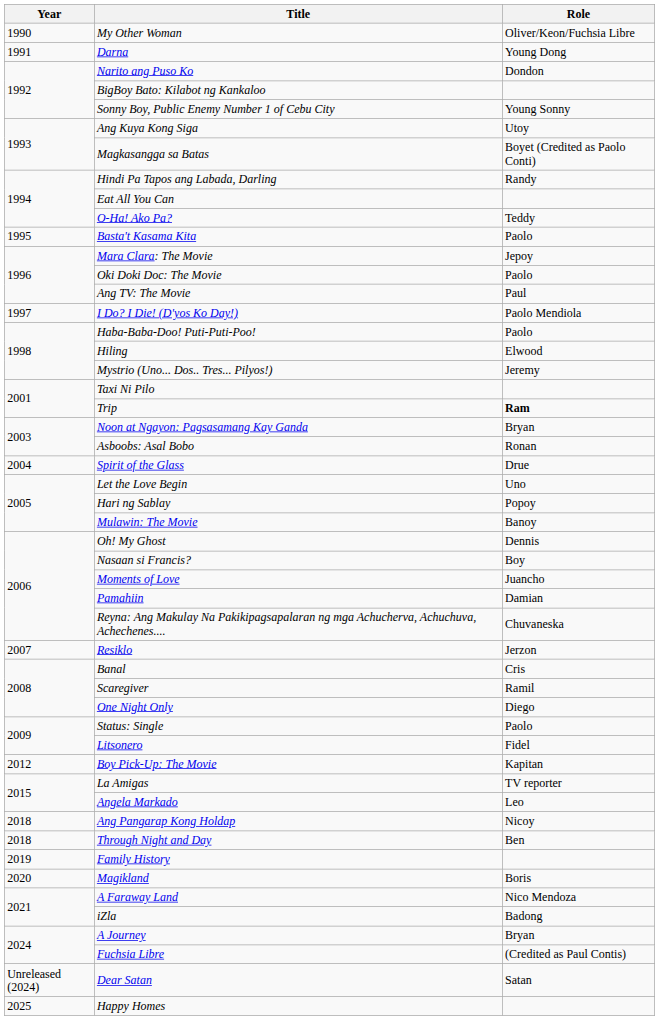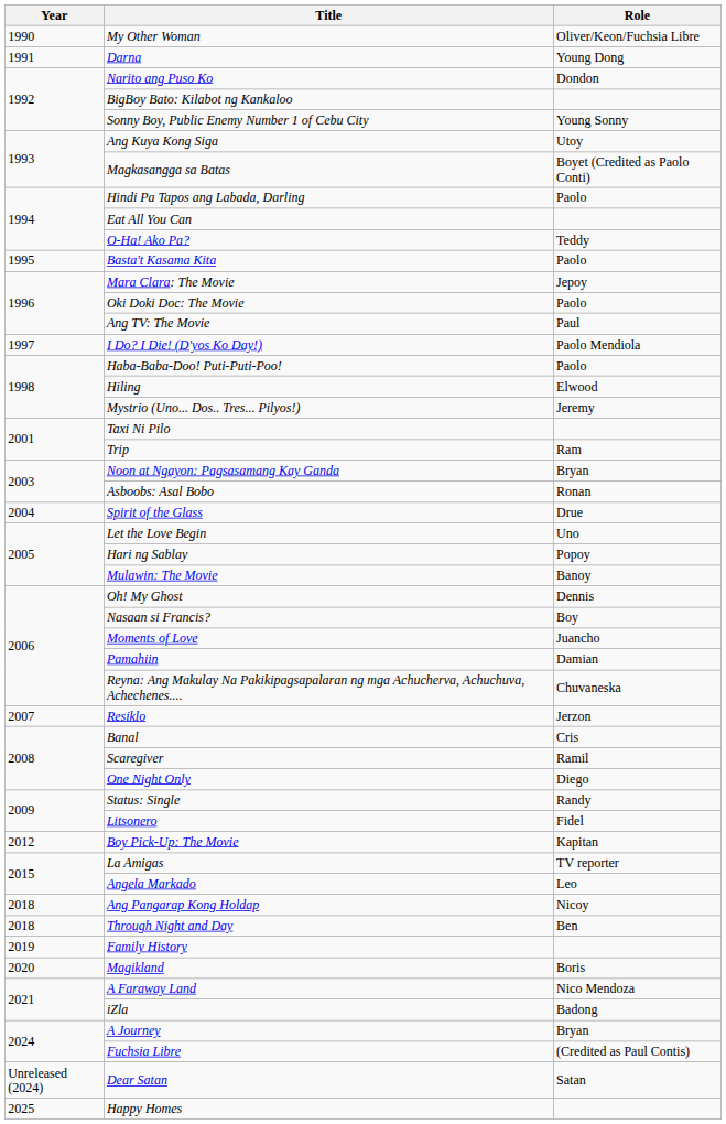 <table class="wikitable sortable">
 <tr>
 <th>Year</th>
 <th>Title</th>
 <th>Role</th>
 </tr>
 <tr>
 <td>1990</td>
 <td><em>My Other Woman</em></td>
 <td>Oliver/Keon/Fuchsia Libre</td>
 </tr>
 <tr>
 <td>1991</td>
 <td><em><a href='#'>Darna</a></em></td>
 <td>Young Dong</td>
 </tr>
 <tr>
 <td rowspan="3">1992</td>
 <td><em><a href='#'>Narito ang Puso Ko</a></em></td>
 <td>Dondon</td>
 </tr>
 <tr>
 <td><em>BigBoy Bato: Kilabot ng Kankaloo</em></td>
 <td></td>
 </tr>
 <tr>
 <td><em>Sonny Boy, Public Enemy Number 1 of Cebu City</em></td>
 <td>Young Sonny</td>
 </tr>
 <tr>
 <td rowspan="2">1993</td>
 <td><em>Ang Kuya Kong Siga</em></td>
 <td>Utoy</td>
 </tr>
 <tr>
 <td><em>Magkasangga sa Batas</em></td>
 <td>Boyet (Credited as Paolo Conti)</td>
 </tr>
 <tr>
 <td rowspan="3">1994</td>
 <td><em>Hindi Pa Tapos ang Labada, Darling</em></td>
-<td>Randy</td>
+<td>Paolo</td>
 </tr>
 <tr>
 <td><em>Eat All You Can</em></td>
 <td></td>
 </tr>
 <tr>
 <td><em><a href='#'>O-Ha! Ako Pa?</a></em></td>
 <td>Teddy</td>
 </tr>
 <tr>
 <td>1995</td>
 <td><em><a href='#'>Basta't Kasama Kita</a></em></td>
 <td>Paolo</td>
 </tr>
 <tr>
 <td rowspan="3">1996</td>
 <td><em><a href='#'>Mara Clara</a>: The Movie</em></td>
 <td>Jepoy</td>
 </tr>
 <tr>
 <td><em>Oki Doki Doc: The Movie</em></td>
 <td>Paolo</td>
 </tr>
 <tr>
 <td><em>Ang TV: The Movie</em></td>
 <td>Paul</td>
 </tr>
 <tr>
 <td>1997</td>
 <td><em><a href='#'>I Do? I Die! (D'yos Ko Day!)</a></em></td>
 <td>Paolo Mendiola</td>
 </tr>
 <tr>
 <td rowspan="3">1998</td>
 <td><em>Haba-Baba-Doo! Puti-Puti-Poo!</em></td>
 <td>Paolo</td>
 </tr>
 <tr>
 <td><em>Hiling</em></td>
 <td>Elwood</td>
 </tr>
 <tr>
 <td><em>Mystrio (Uno... Dos.. Tres... Pilyos!)</em></td>
 <td>Jeremy</td>
 </tr>
 <tr>
 <td rowspan="2">2001</td>
 <td><em>Taxi Ni Pilo</em></td>
 <td></td>
 </tr>
 <tr>
 <td><em>Trip</em></td>
-<td><strong>Ram</strong></td>
+<td>Ram</td>
 </tr>
 <tr>
 <td rowspan="2">2003</td>
 <td><em><a href='#'>Noon at Ngayon: Pagsasamang Kay Ganda</a></em></td>
 <td>Bryan</td>
 </tr>
 <tr>
 <td><em>Asboobs: Asal Bobo</em></td>
 <td>Ronan</td>
 </tr>
 <tr>
 <td>2004</td>
 <td><em><a href='#'>Spirit of the Glass</a></em></td>
 <td>Drue</td>
 </tr>
 <tr>
 <td rowspan="3">2005</td>
 <td><em>Let the Love Begin</em></td>
 <td>Uno</td>
 </tr>
 <tr>
 <td><em>Hari ng Sablay</em></td>
 <td>Popoy</td>
 </tr>
 <tr>
 <td><em><a href='#'>Mulawin: The Movie</a></em></td>
 <td>Banoy</td>
 </tr>
 <tr>
 <td rowspan="5">2006</td>
 <td><em>Oh! My Ghost</em></td>
 <td>Dennis</td>
 </tr>
 <tr>
 <td><em>Nasaan si Francis?</em></td>
 <td>Boy</td>
 </tr>
 <tr>
 <td><em><a href='#'>Moments of Love</a></em></td>
 <td>Juancho</td>
 </tr>
 <tr>
 <td><em><a href='#'>Pamahiin</a></em></td>
 <td>Damian</td>
 </tr>
 <tr>
 <td><em>Reyna: Ang Makulay Na Pakikipagsapalaran ng mga Achucherva, Achuchuva, Achechenes....</em></td>
 <td>Chuvaneska</td>
 </tr>
 <tr>
 <td>2007</td>
 <td><em><a href='#'>Resiklo</a></em></td>
 <td>Jerzon</td>
 </tr>
 <tr>
 <td rowspan="3">2008</td>
 <td><em>Banal</em></td>
 <td>Cris</td>
 </tr>
 <tr>
 <td><em>Scaregiver</em></td>
 <td>Ramil</td>
 </tr>
 <tr>
 <td><a href='#'><em>One Night Only</em></a></td>
 <td>Diego</td>
 </tr>
 <tr>
 <td rowspan="2">2009</td>
 <td><em>Status: Single</em></td>
-<td>Paolo</td>
+<td>Randy</td>
 </tr>
 <tr>
 <td><em><a href='#'>Litsonero</a></em></td>
 <td>Fidel</td>
 </tr>
 <tr>
 <td>2012</td>
 <td><em><a href='#'>Boy Pick-Up: The Movie</a></em></td>
 <td>Kapitan</td>
 </tr>
 <tr>
 <td rowspan="2">2015</td>
 <td><em>La Amigas</em></td>
 <td>TV reporter</td>
 </tr>
 <tr>
 <td><em><a href='#'>Angela Markado</a></em> </td>
 <td>Leo</td>
 </tr>
 <tr>
 <td>2018</td>
 <td><em><a href='#'>Ang Pangarap Kong Holdap</a></em></td>
 <td>Nicoy</td>
 </tr>
 <tr>
 <td>2018</td>
 <td><em><a href='#'>Through Night and Day</a></em></td>
 <td>Ben</td>
 </tr>
 <tr>
 <td>2019</td>
 <td><em><a href='#'>Family History</a></em></td>
 <td></td>
 </tr>
 <tr>
 <td>2020</td>
 <td><em><a href='#'>Magikland</a></em></td>
 <td>Boris</td>
 </tr>
 <tr>
 <td rowspan="2">2021</td>
 <td><em><a href='#'>A Faraway Land</a></em></td>
 <td>Nico Mendoza</td>
 </tr>
 <tr>
 <td><em>iZla</em></td>
 <td>Badong</td>
 </tr>
 <tr>
 <td rowspan="2">2024</td>
 <td><em><a href='#'>A Journey</a></em></td>
 <td>Bryan</td>
 </tr>
 <tr>
 <td><em><a href='#'>Fuchsia Libre</a></em></td>
 <td>(Credited as Paul Contis)</td>
 </tr>
 <tr>
 <td>Unreleased (2024)</td>
 <td><em><a href='#'>Dear Satan</a></em></td>
 <td>Satan</td>
 </tr>
 <tr>
 <td>2025</td>
 <td><em>Happy Homes</em></td>
 <td></td>
 </tr>
 </table>
